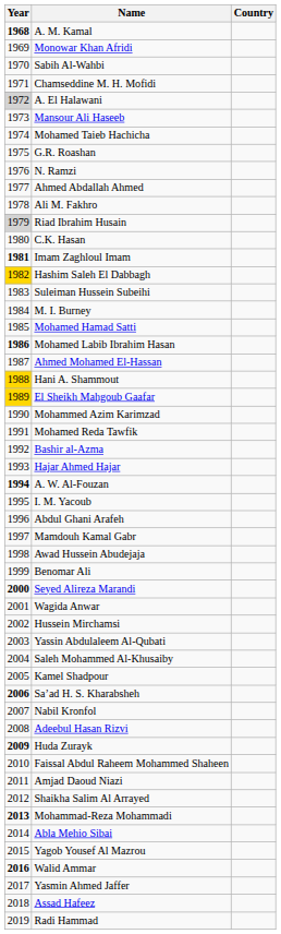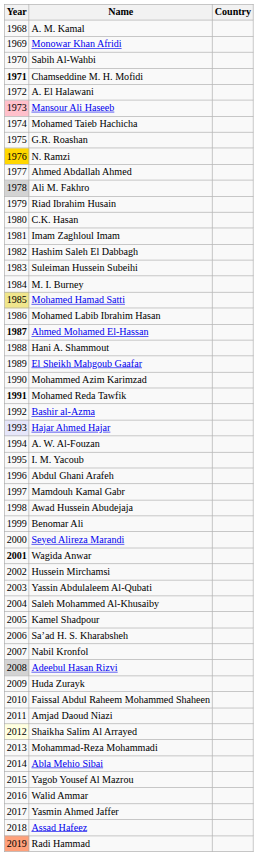 <table class="wikitable plainrowheaders sortable">
 <tr>
 <th>Year</th>
 <th>Name</th>
 <th>Country</th>
 </tr>
 <tr>
-<td><strong>1968</strong></td>
+<td>1968</td>
 <td>A. M.  Kamal</td>
 <td></td>
 </tr>
 <tr>
 <td>1969</td>
 <td><a href='#'>Monowar Khan Afridi</a></td>
 <td></td>
 </tr>
 <tr>
 <td>1970</td>
 <td>Sabih Al-Wahbi</td>
 <td></td>
 </tr>
 <tr>
-<td>1971</td>
+<td><strong>1971</strong></td>
 <td>Chamseddine M. H. Mofidi</td>
 <td></td>
 </tr>
 <tr>
-<td style="background: lightgrey;">1972</td>
+<td>1972</td>
 <td>A. El  Halawani</td>
 <td></td>
 </tr>
 <tr>
-<td>1973</td>
+<td style="background: pink;">1973</td>
 <td><a href='#'>Mansour Ali Haseeb</a></td>
 <td></td>
 </tr>
 <tr>
 <td>1974</td>
 <td>Mohamed Taieb Hachicha</td>
 <td></td>
 </tr>
 <tr>
 <td>1975</td>
 <td>G.R. Roashan</td>
 <td></td>
 </tr>
 <tr>
-<td>1976</td>
+<td style="background: gold;">1976</td>
 <td>N. Ramzi</td>
 <td></td>
 </tr>
 <tr>
 <td>1977</td>
 <td>Ahmed Abdallah Ahmed</td>
 <td></td>
 </tr>
 <tr>
-<td>1978</td>
+<td style="background: lightgrey;">1978</td>
 <td>Ali M. Fakhro</td>
 <td></td>
 </tr>
 <tr>
-<td style="background: lightgrey;">1979</td>
+<td>1979</td>
 <td>Riad Ibrahim Husain</td>
 <td></td>
 </tr>
 <tr>
 <td>1980</td>
 <td>C.K. Hasan</td>
 <td></td>
 </tr>
 <tr>
-<td><strong>1981</strong></td>
+<td>1981</td>
 <td>Imam Zaghloul Imam</td>
 <td></td>
 </tr>
 <tr>
-<td style="background: gold;">1982</td>
+<td>1982</td>
 <td>Hashim Saleh El Dabbagh</td>
 <td></td>
 </tr>
 <tr>
 <td>1983</td>
 <td>Suleiman Hussein Subeihi</td>
 <td></td>
 </tr>
 <tr>
 <td>1984</td>
 <td>M. I. Burney</td>
 <td></td>
 </tr>
 <tr>
-<td>1985</td>
+<td style="background: khaki;">1985</td>
 <td><a href='#'>Mohamed Hamad Satti</a></td>
 <td></td>
 </tr>
 <tr>
-<td><strong>1986</strong></td>
+<td>1986</td>
 <td>Mohamed Labib Ibrahim Hasan</td>
 <td></td>
 </tr>
 <tr>
-<td>1987</td>
+<td><strong>1987</strong></td>
 <td><a href='#'>Ahmed Mohamed El-Hassan</a></td>
 <td></td>
 </tr>
 <tr>
-<td style="background: gold;">1988</td>
+<td>1988</td>
 <td>Hani A. Shammout</td>
 <td></td>
 </tr>
 <tr>
-<td style="background: gold;">1989</td>
+<td>1989</td>
 <td><a href='#'>El Sheikh Mahgoub Gaafar</a></td>
 <td></td>
 </tr>
 <tr>
 <td>1990</td>
 <td>Mohammed Azim Karimzad</td>
 <td></td>
 </tr>
 <tr>
-<td>1991</td>
+<td><strong>1991</strong></td>
 <td>Mohamed Reda Tawfik</td>
 <td></td>
 </tr>
 <tr>
 <td>1992</td>
 <td><a href='#'>Bashir al-Azma</a></td>
 <td></td>
 </tr>
 <tr>
-<td>1993</td>
+<td style="background: lavender;">1993</td>
 <td><a href='#'>Hajar Ahmed Hajar</a></td>
 <td></td>
 </tr>
 <tr>
-<td><strong>1994</strong></td>
+<td>1994</td>
 <td>A. W. Al-Fouzan</td>
 <td></td>
 </tr>
 <tr>
 <td>1995</td>
 <td>I. M. Yacoub</td>
 <td></td>
 </tr>
 <tr>
 <td>1996</td>
 <td>Abdul Ghani Arafeh</td>
 <td></td>
 </tr>
 <tr>
 <td>1997</td>
 <td>Mamdouh Kamal Gabr</td>
 <td></td>
 </tr>
 <tr>
 <td>1998</td>
 <td>Awad Hussein Abudejaja</td>
 <td></td>
 </tr>
 <tr>
 <td>1999</td>
 <td>Benomar Ali</td>
 <td></td>
 </tr>
 <tr>
-<td><strong>2000</strong></td>
+<td>2000</td>
 <td><a href='#'>Seyed Alireza Marandi</a></td>
 <td></td>
 </tr>
 <tr>
-<td>2001</td>
+<td><strong>2001</strong></td>
 <td>Wagida Anwar</td>
 <td></td>
 </tr>
 <tr>
 <td>2002</td>
 <td>Hussein Mirchamsi</td>
 <td></td>
 </tr>
 <tr>
 <td>2003</td>
 <td>Yassin Abdulaleem Al-Qubati</td>
 <td></td>
 </tr>
 <tr>
 <td>2004</td>
 <td>Saleh Mohammed Al-Khusaiby</td>
 <td></td>
 </tr>
 <tr>
 <td>2005</td>
 <td>Kamel Shadpour</td>
 <td></td>
 </tr>
 <tr>
-<td><strong>2006</strong></td>
+<td>2006</td>
 <td>Sa’ad H. S. Kharabsheh</td>
 <td></td>
 </tr>
 <tr>
 <td>2007</td>
 <td>Nabil Kronfol</td>
 <td></td>
 </tr>
 <tr>
-<td>2008</td>
+<td style="background: lightgrey;">2008</td>
 <td><a href='#'>Adeebul Hasan Rizvi</a></td>
 <td></td>
 </tr>
 <tr>
-<td><strong>2009</strong></td>
+<td>2009</td>
 <td>Huda Zurayk</td>
 <td></td>
 </tr>
 <tr>
 <td>2010</td>
 <td>Faissal Abdul Raheem Mohammed Shaheen</td>
 <td></td>
 </tr>
 <tr>
 <td>2011</td>
 <td>Amjad Daoud Niazi</td>
 <td></td>
 </tr>
 <tr>
-<td>2012</td>
+<td style="background: lightyellow;">2012</td>
 <td>Shaikha Salim Al Arrayed</td>
 <td></td>
 </tr>
 <tr>
-<td><strong>2013</strong></td>
+<td>2013</td>
 <td>Mohammad-Reza Mohammadi</td>
 <td></td>
 </tr>
 <tr>
 <td>2014</td>
 <td><a href='#'>Abla Mehio Sibai</a></td>
 <td></td>
 </tr>
 <tr>
 <td>2015</td>
 <td>Yagob Yousef Al Mazrou</td>
 <td></td>
 </tr>
 <tr>
-<td><strong>2016</strong></td>
+<td>2016</td>
 <td>Walid Ammar </td>
 <td></td>
 </tr>
 <tr>
 <td>2017</td>
 <td>Yasmin Ahmed Jaffer</td>
 <td></td>
 </tr>
 <tr>
 <td>2018</td>
 <td><a href='#'>Assad Hafeez</a></td>
 <td></td>
 </tr>
 <tr>
-<td>2019</td>
+<td style="background: lightsalmon;">2019</td>
 <td>Radi Hammad</td>
 <td></td>
 </tr>
 </table>
